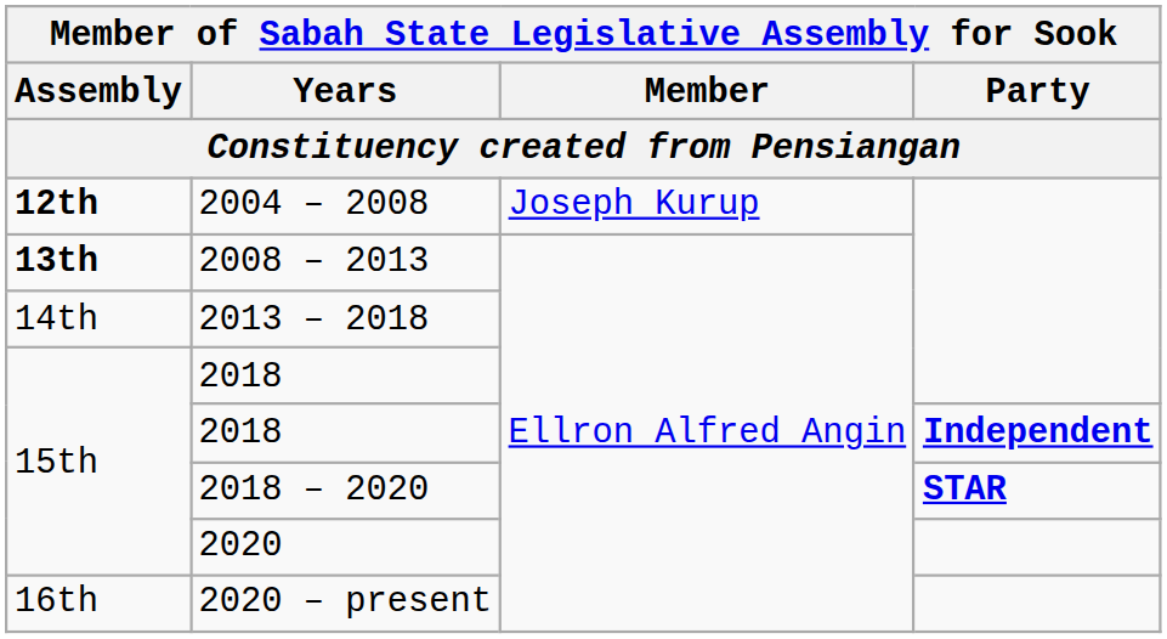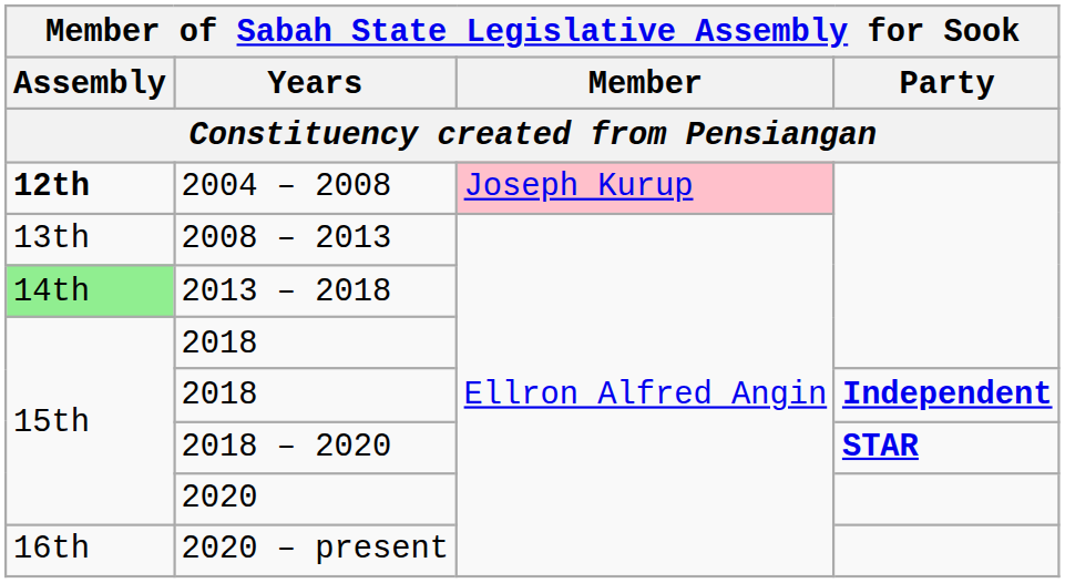 <table class="wikitable">
 <tr>
 <th colspan="4">Member of <a href='#'>Sabah State Legislative Assembly</a> for Sook</th>
 </tr>
 <tr>
 <th>Assembly</th>
 <th>Years</th>
 <th>Member</th>
 <th>Party</th>
 </tr>
 <tr>
 <th colspan="4" align="center"><em>Constituency created from Pensiangan</em></th>
 </tr>
 <tr>
 <td><strong>12th</strong></td>
 <td>2004 – 2008</td>
-<td><a href='#'>Joseph Kurup</a></td>
+<td style="background: pink;"><a href='#'>Joseph Kurup</a></td>
 <td rowspan="4"></td>
 </tr>
 <tr>
-<td><strong>13th</strong></td>
+<td>13th</td>
 <td>2008 – 2013</td>
 <td rowspan="7"><a href='#'>Ellron Alfred Angin</a></td>
 </tr>
 <tr>
-<td>14th</td>
+<td style="background: lightgreen;">14th</td>
 <td>2013 – 2018</td>
 </tr>
 <tr>
 <td rowspan="4">15th</td>
 <td>2018</td>
 </tr>
 <tr>
 <td>2018</td>
 <td><strong><a href='#'>Independent</a></strong></td>
 </tr>
 <tr>
 <td>2018 – 2020</td>
 <td><strong><a href='#'>STAR</a></strong></td>
 </tr>
 <tr>
 <td>2020</td>
 <td></td>
 </tr>
 <tr>
 <td>16th</td>
 <td>2020 – present</td>
 <td></td>
 </tr>
 </table>
